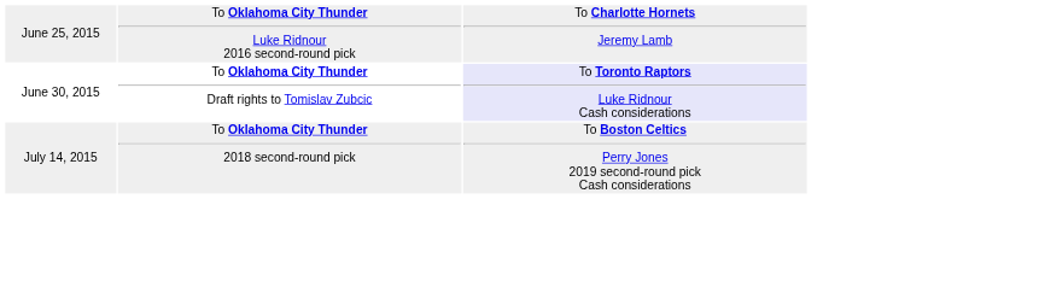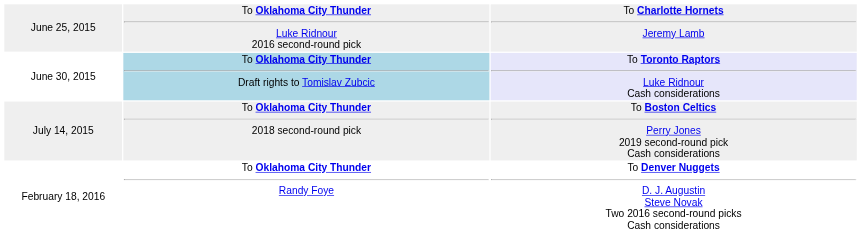 <table style="text-align: center">
 <tr style="background:#eeee">
 <td style="width:10%">June 25, 2015</td>
 <td style="width:31%; vertical-align:top;">To <strong><a href='#'>Oklahoma City Thunder</a></strong><hr><a href='#'>Luke Ridnour</a><br>2016 second-round pick</td>
 <td style="width:31%; vertical-align:top;">To <strong><a href='#'>Charlotte Hornets</a></strong><hr><a href='#'>Jeremy Lamb</a></td>
 </tr>
 <tr>
 <td style="width:10%">June 30, 2015</td>
-<td style="width:31%; vertical-align:top;">To <strong><a href='#'>Oklahoma City Thunder</a></strong><hr>Draft rights to <a href='#'>Tomislav Zubcic</a></td>
+<td style="background: lightblue; width:31%; vertical-align:top;">To <strong><a href='#'>Oklahoma City Thunder</a></strong><hr>Draft rights to <a href='#'>Tomislav Zubcic</a></td>
 <td style="background: lavender; width:31%; vertical-align:top;">To <strong><a href='#'>Toronto Raptors</a></strong><hr><a href='#'>Luke Ridnour</a><br>Cash considerations</td>
 </tr>
 <tr style="background:#eeee">
 <td style="width:10%">July 14, 2015</td>
 <td style="width:31%; vertical-align:top;">To <strong><a href='#'>Oklahoma City Thunder</a></strong><hr>2018 second-round pick</td>
 <td style="width:31%; vertical-align:top;">To <strong><a href='#'>Boston Celtics</a></strong><hr><a href='#'>Perry Jones</a><br>2019 second-round pick<br>Cash considerations</td>
 </tr>
+<tr>
+<td style="width:10%">February 18, 2016</td>
+<td style="width:31%; vertical-align:top;">To <strong><a href='#'>Oklahoma City Thunder</a></strong><hr><a href='#'>Randy Foye</a></td>
+<td style="width:31%; vertical-align:top;">To <strong><a href='#'>Denver Nuggets</a></strong><hr><a href='#'>D. J. Augustin</a><br><a href='#'>Steve Novak</a><br>Two 2016 second-round picks<br>Cash considerations</td>
+</tr>
 </table>
